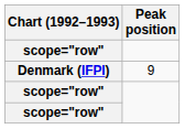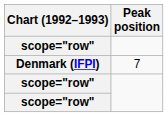 <table class="wikitable sortable plainrowheaders" style="text-align:center">
 <tr>
 <th scope="col">Chart (1992–1993)</th>
 <th scope="col">Peak<br>position</th>
 </tr>
 <tr>
 <th>scope="row"</th>
 </tr>
 <tr>
 <th scope="row">Denmark (<a href='#'>IFPI</a>)</th>
-<td>9</td>
+<td>7</td>
 </tr>
 <tr>
 <th>scope="row"</th>
 </tr>
 <tr>
 <th>scope="row"</th>
 </tr>
 </table>
